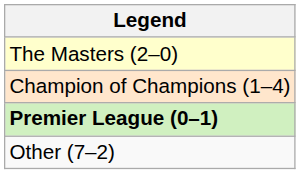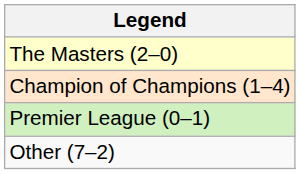 <table class="wikitable">
 <tr>
 <th>Legend</th>
 </tr>
 <tr style="background:#ffc;">
 <td>The Masters (2–0)</td>
 </tr>
 <tr style="background:#ffe6cc;">
 <td>Champion of Champions (1–4)</td>
 </tr>
 <tr style="background:#d0f0c0;">
-<td><strong>Premier League (0–1)</strong></td>
+<td>Premier League (0–1)</td>
 </tr>
 <tr>
 <td>Other (7–2)</td>
 </tr>
 </table>
